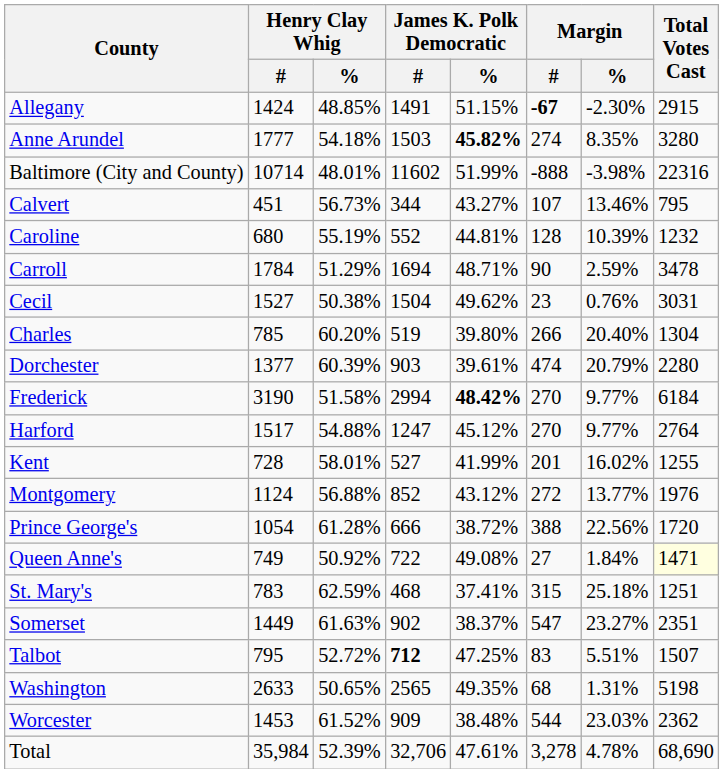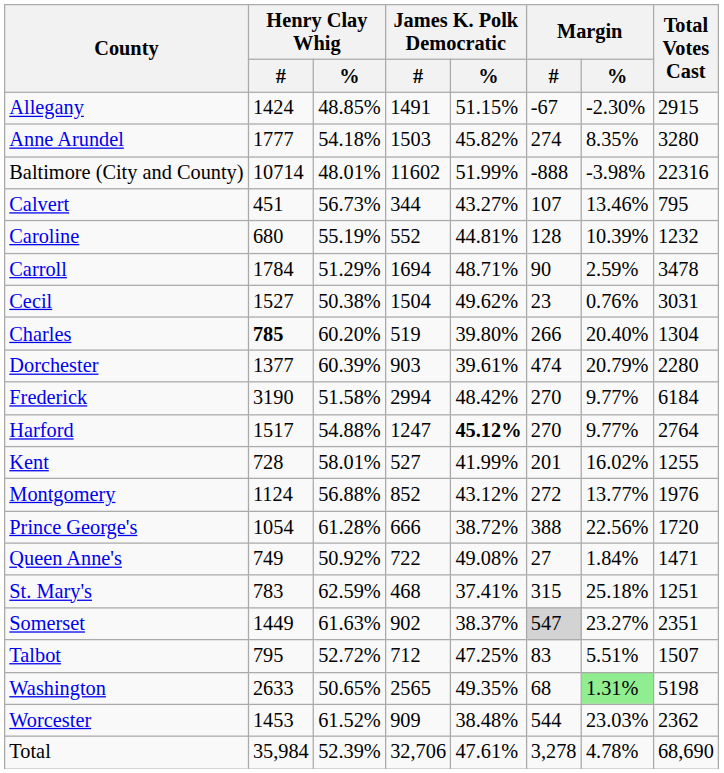 <table class="wikitable sortable">
 <tr>
 <th rowspan="2">County</th>
 <th colspan="2" >Henry Clay<br>Whig</th>
 <th colspan="2" >James K. Polk<br>Democratic</th>
 <th colspan="2">Margin</th>
 <th rowspan="2">Total<br>Votes<br>Cast </th>
 </tr>
 <tr>
 <th>#</th>
 <th>%</th>
 <th>#</th>
 <th>%</th>
 <th>#</th>
 <th>%</th>
 </tr>
 <tr>
 <td><a href='#'>Allegany</a></td>
 <td>1424</td>
 <td>48.85%</td>
 <td>1491</td>
 <td>51.15%</td>
-<td><strong>-67</strong></td>
+<td>-67</td>
 <td>-2.30%</td>
 <td>2915</td>
 </tr>
 <tr>
 <td><a href='#'>Anne Arundel</a></td>
 <td>1777</td>
 <td>54.18%</td>
 <td>1503</td>
-<td><strong>45.82%</strong></td>
+<td>45.82%</td>
 <td>274</td>
 <td>8.35%</td>
 <td>3280</td>
 </tr>
 <tr>
 <td>Baltimore (City and County)</td>
 <td>10714</td>
 <td>48.01%</td>
 <td>11602</td>
 <td>51.99%</td>
 <td>-888</td>
 <td>-3.98%</td>
 <td>22316</td>
 </tr>
 <tr>
 <td><a href='#'>Calvert</a></td>
 <td>451</td>
 <td>56.73%</td>
 <td>344</td>
 <td>43.27%</td>
 <td>107</td>
 <td>13.46%</td>
 <td>795</td>
 </tr>
 <tr>
 <td><a href='#'>Caroline</a></td>
 <td>680</td>
 <td>55.19%</td>
 <td>552</td>
 <td>44.81%</td>
 <td>128</td>
 <td>10.39%</td>
 <td>1232</td>
 </tr>
 <tr>
 <td><a href='#'>Carroll</a></td>
 <td>1784</td>
 <td>51.29%</td>
 <td>1694</td>
 <td>48.71%</td>
 <td>90</td>
 <td>2.59%</td>
 <td>3478</td>
 </tr>
 <tr>
 <td><a href='#'>Cecil</a></td>
 <td>1527</td>
 <td>50.38%</td>
 <td>1504</td>
 <td>49.62%</td>
 <td>23</td>
 <td>0.76%</td>
 <td>3031</td>
 </tr>
 <tr>
 <td><a href='#'>Charles</a></td>
-<td>785</td>
+<td><strong>785</strong></td>
 <td>60.20%</td>
 <td>519</td>
 <td>39.80%</td>
 <td>266</td>
 <td>20.40%</td>
 <td>1304</td>
 </tr>
 <tr>
 <td><a href='#'>Dorchester</a></td>
 <td>1377</td>
 <td>60.39%</td>
 <td>903</td>
 <td>39.61%</td>
 <td>474</td>
 <td>20.79%</td>
 <td>2280</td>
 </tr>
 <tr>
 <td><a href='#'>Frederick</a></td>
 <td>3190</td>
 <td>51.58%</td>
 <td>2994</td>
-<td><strong>48.42%</strong></td>
+<td>48.42%</td>
 <td>270</td>
 <td>9.77%</td>
 <td>6184</td>
 </tr>
 <tr>
 <td><a href='#'>Harford</a></td>
 <td>1517</td>
 <td>54.88%</td>
 <td>1247</td>
-<td>45.12%</td>
+<td><strong>45.12%</strong></td>
 <td>270</td>
 <td>9.77%</td>
 <td>2764</td>
 </tr>
 <tr>
 <td><a href='#'>Kent</a></td>
 <td>728</td>
 <td>58.01%</td>
 <td>527</td>
 <td>41.99%</td>
 <td>201</td>
 <td>16.02%</td>
 <td>1255</td>
 </tr>
 <tr>
 <td><a href='#'>Montgomery</a></td>
 <td>1124</td>
 <td>56.88%</td>
 <td>852</td>
 <td>43.12%</td>
 <td>272</td>
 <td>13.77%</td>
 <td>1976</td>
 </tr>
 <tr>
 <td><a href='#'>Prince George's</a></td>
 <td>1054</td>
 <td>61.28%</td>
 <td>666</td>
 <td>38.72%</td>
 <td>388</td>
 <td>22.56%</td>
 <td>1720</td>
 </tr>
 <tr>
 <td><a href='#'>Queen Anne's</a></td>
 <td>749</td>
 <td>50.92%</td>
 <td>722</td>
 <td>49.08%</td>
 <td>27</td>
 <td>1.84%</td>
-<td style="background: lightyellow;">1471</td>
+<td>1471</td>
 </tr>
 <tr>
 <td><a href='#'>St. Mary's</a></td>
 <td>783</td>
 <td>62.59%</td>
 <td>468</td>
 <td>37.41%</td>
 <td>315</td>
 <td>25.18%</td>
 <td>1251</td>
 </tr>
 <tr>
 <td><a href='#'>Somerset</a></td>
 <td>1449</td>
 <td>61.63%</td>
 <td>902</td>
 <td>38.37%</td>
-<td>547</td>
+<td style="background: lightgrey;">547</td>
 <td>23.27%</td>
 <td>2351</td>
 </tr>
 <tr>
 <td><a href='#'>Talbot</a></td>
 <td>795</td>
 <td>52.72%</td>
-<td><strong>712</strong></td>
+<td>712</td>
 <td>47.25%</td>
 <td>83</td>
 <td>5.51%</td>
 <td>1507</td>
 </tr>
 <tr>
 <td><a href='#'>Washington</a></td>
 <td>2633</td>
 <td>50.65%</td>
 <td>2565</td>
 <td>49.35%</td>
 <td>68</td>
-<td>1.31%</td>
+<td style="background: lightgreen;">1.31%</td>
 <td>5198</td>
 </tr>
 <tr>
 <td><a href='#'>Worcester</a></td>
 <td>1453</td>
 <td>61.52%</td>
 <td>909</td>
 <td>38.48%</td>
 <td>544</td>
 <td>23.03%</td>
 <td>2362</td>
 </tr>
 <tr>
 <td>Total</td>
 <td>35,984</td>
 <td>52.39%</td>
 <td>32,706</td>
 <td>47.61%</td>
 <td>3,278</td>
 <td>4.78%</td>
 <td>68,690</td>
 </tr>
 </table>
